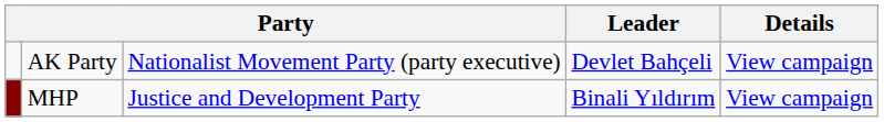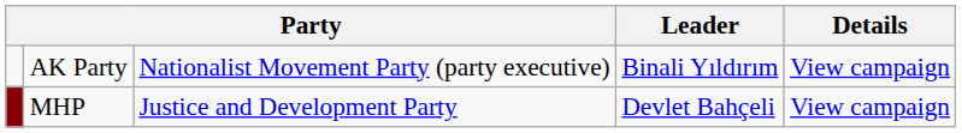 <table class="wikitable" a "Yes">
 <tr>
 <th colspan=3>Party</th>
 <th>Leader</th>
 <th>Details</th>
 </tr>
 <tr>
 <td style="background:"></td>
 <td>AK Party</td>
 <td><a href='#'>Nationalist Movement Party</a> (party executive)</td>
-<td><a href='#'>Devlet Bahçeli</a></td>
+<td><a href='#'>Binali Yıldırım</a></td>
 <td><a href='#'>View campaign</a></td>
 </tr>
 <tr>
 <td style="background:#870000; width:4px; text-align:center;"></td>
 <td>MHP</td>
 <td><a href='#'>Justice and Development Party</a></td>
-<td><a href='#'>Binali Yıldırım</a></td>
+<td><a href='#'>Devlet Bahçeli</a></td>
 <td><a href='#'>View campaign</a></td>
 </tr>
 </table>
